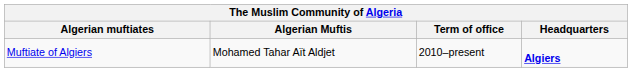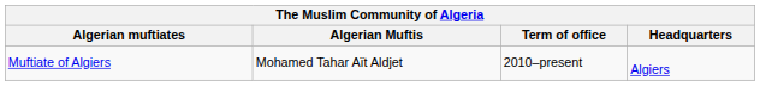 <table class=wikitable>
 <tr>
 <th colspan=4>The Muslim Community of <a href='#'>Algeria</a></th>
 </tr>
 <tr>
 <th scope="row"  width="300">Algerian muftiates</th>
 <th scope="row"  width="300">Algerian Muftis</th>
 <th scope="row"  width="150">Term of office</th>
 <th scope="row"  width="150">Headquarters</th>
 </tr>
 <tr>
 <td><a href='#'>Muftiate of Algiers</a></td>
 <td>Mohamed Tahar Aït Aldjet</td>
 <td>2010–present</td>
-<td><strong><br><a href='#'>Algiers</a></strong></td>
+<td><br><a href='#'>Algiers</a></td>
 </tr>
 </table>
